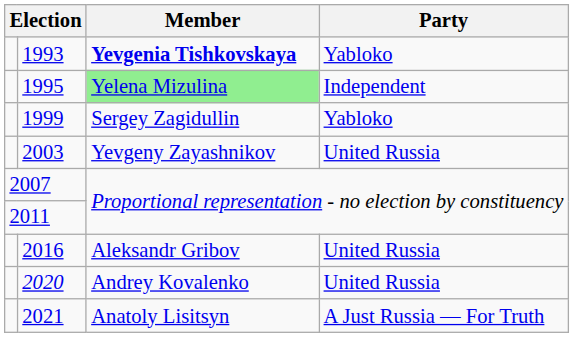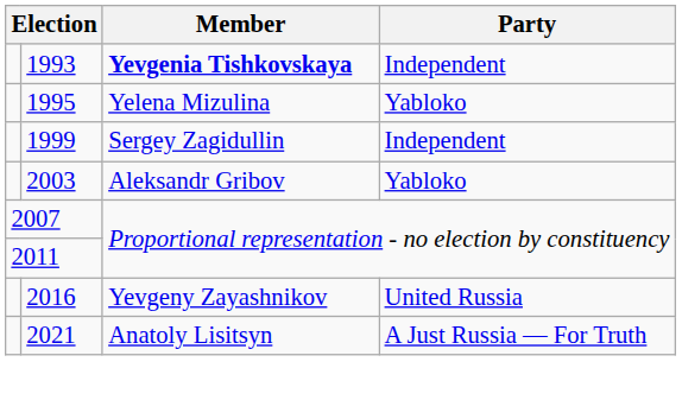 <table class="wikitable">
 <tr>
 <th colspan="2">Election</th>
 <th>Member</th>
 <th>Party</th>
 </tr>
 <tr>
 <td style="background-color:"></td>
 <td><a href='#'>1993</a></td>
 <td><strong><a href='#'>Yevgenia Tishkovskaya</a></strong></td>
-<td><a href='#'>Yabloko</a></td>
+<td><a href='#'>Independent</a></td>
 </tr>
 <tr>
 <td style="background-color:"></td>
 <td><a href='#'>1995</a></td>
-<td style="background: lightgreen;"><a href='#'>Yelena Mizulina</a></td>
-<td><a href='#'>Independent</a></td>
+<td><a href='#'>Yelena Mizulina</a></td>
+<td><a href='#'>Yabloko</a></td>
 </tr>
 <tr>
 <td style="background-color:"></td>
 <td><a href='#'>1999</a></td>
 <td><a href='#'>Sergey Zagidullin</a></td>
-<td><a href='#'>Yabloko</a></td>
+<td><a href='#'>Independent</a></td>
 </tr>
 <tr>
 <td style="background-color:"></td>
 <td><a href='#'>2003</a></td>
-<td><a href='#'>Yevgeny Zayashnikov</a></td>
-<td><a href='#'>United Russia</a></td>
+<td><a href='#'>Aleksandr Gribov</a></td>
+<td><a href='#'>Yabloko</a></td>
 </tr>
 <tr>
 <td colspan=2><a href='#'>2007</a></td>
 <td colspan=2 rowspan=2><em><a href='#'>Proportional representation</a> - no election by constituency</em></td>
 </tr>
 <tr>
 <td colspan=2><a href='#'>2011</a></td>
 </tr>
 <tr>
 <td style="background-color: "></td>
 <td><a href='#'>2016</a></td>
-<td><a href='#'>Aleksandr Gribov</a></td>
-<td><a href='#'>United Russia</a></td>
-</tr>
-<tr>
-<td style="background-color: "></td>
-<td><em><a href='#'>2020</a></em></td>
-<td><a href='#'>Andrey Kovalenko</a></td>
+<td><a href='#'>Yevgeny Zayashnikov</a></td>
 <td><a href='#'>United Russia</a></td>
 </tr>
 <tr>
 <td style="background-color: "></td>
 <td><a href='#'>2021</a></td>
 <td><a href='#'>Anatoly Lisitsyn</a></td>
 <td><a href='#'>A Just Russia — For Truth</a></td>
 </tr>
 </table>
